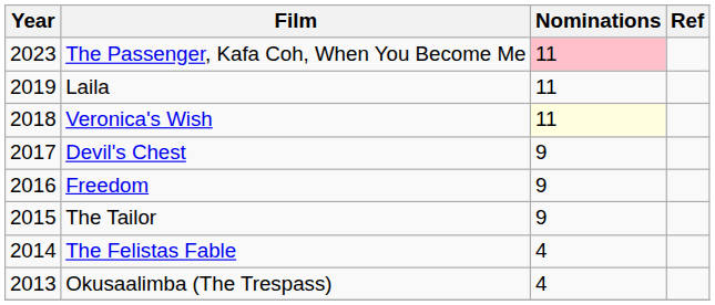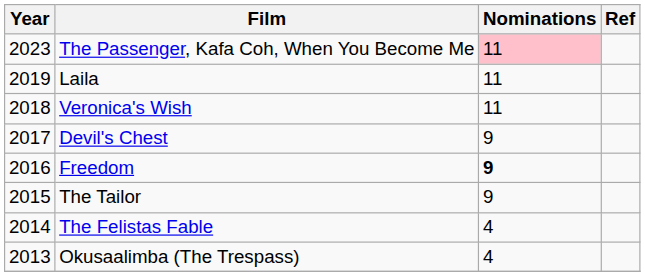 <table class="wikitable sortable">
 <tr>
 <th>Year</th>
 <th>Film</th>
 <th>Nominations</th>
 <th>Ref</th>
 </tr>
 <tr>
 <td>2023</td>
 <td><a href='#'>The Passenger</a>, Kafa Coh, When You Become Me</td>
 <td style="background: pink;">11</td>
 <td></td>
 </tr>
 <tr>
 <td>2019</td>
 <td>Laila</td>
 <td>11</td>
 <td></td>
 </tr>
 <tr>
 <td>2018</td>
 <td><a href='#'>Veronica's Wish</a></td>
-<td style="background: lightyellow;">11</td>
+<td>11</td>
 <td></td>
 </tr>
 <tr>
 <td>2017</td>
 <td><a href='#'>Devil's Chest</a></td>
 <td>9</td>
 <td></td>
 </tr>
 <tr>
 <td>2016</td>
 <td><a href='#'>Freedom</a></td>
-<td>9</td>
+<td><strong>9</strong></td>
 <td></td>
 </tr>
 <tr>
 <td>2015</td>
 <td>The Tailor</td>
 <td>9</td>
 <td></td>
 </tr>
 <tr>
 <td>2014</td>
 <td><a href='#'>The Felistas Fable</a></td>
 <td>4</td>
 <td></td>
 </tr>
 <tr>
 <td>2013</td>
 <td>Okusaalimba (The Trespass)</td>
 <td>4</td>
 <td></td>
 </tr>
 <tr>
 </tr>
 </table>
